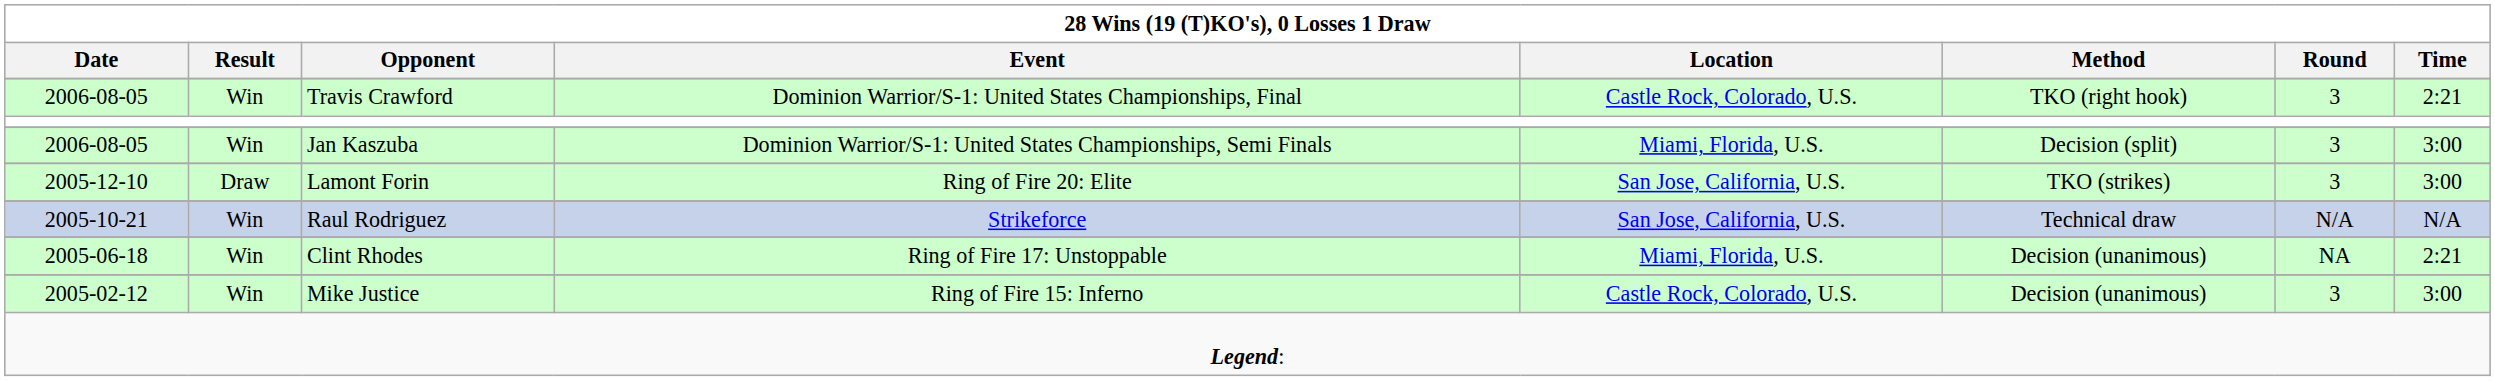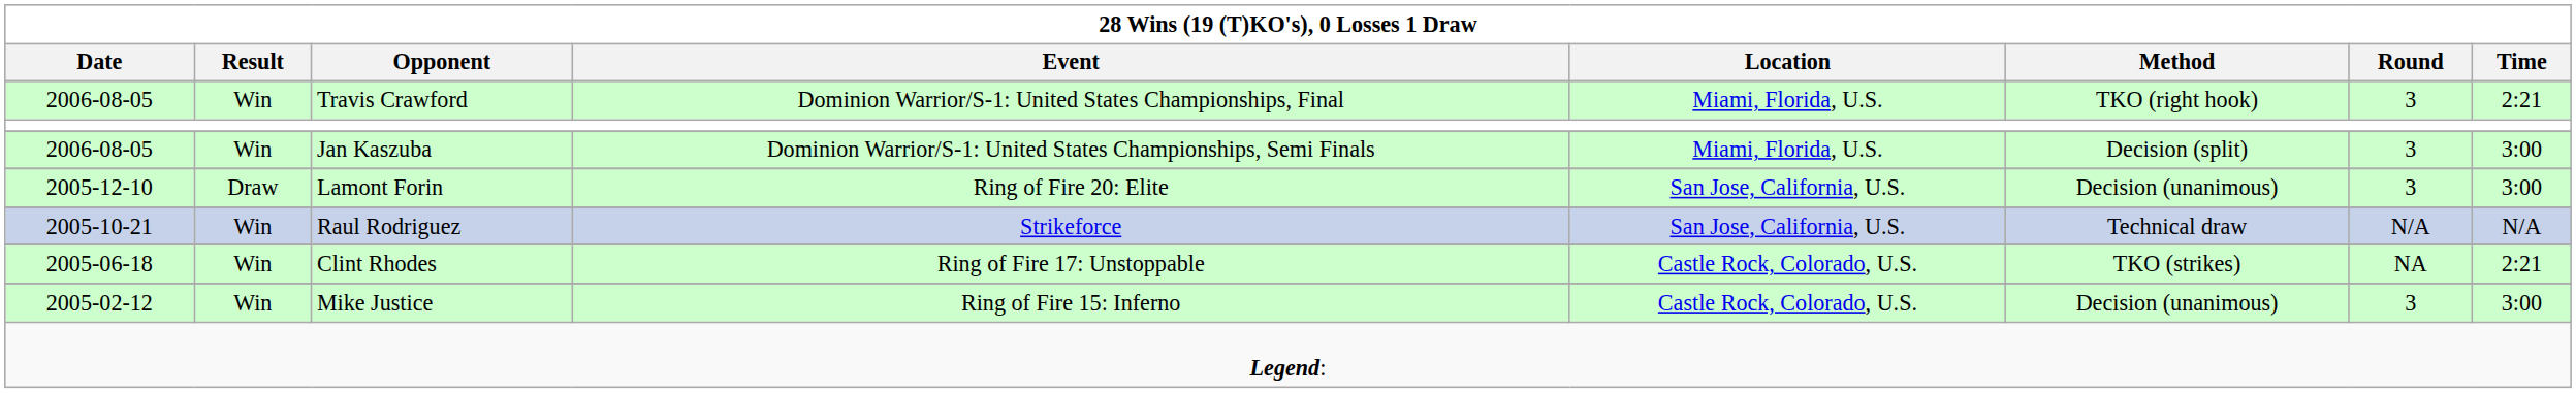 <table class="wikitable" style="text-align:center; font-size:88%; width:100%">
 <tr>
 <td colspan=9 style="background:white"><strong>28 Wins (19 (T)KO's), 0 Losses 1 Draw</strong></td>
 </tr>
 <tr>
 <th>Date</th>
 <th>Result</th>
 <th>Opponent</th>
 <th>Event</th>
 <th>Location</th>
 <th>Method</th>
 <th>Round</th>
 <th>Time</th>
 </tr>
 <tr>
 </tr>
 <tr align="center" bgcolor="#CCFFCC">
 <td>2006-08-05</td>
 <td>Win</td>
 <td align=left> Travis Crawford</td>
 <td>Dominion Warrior/S-1: United States Championships, Final</td>
-<td><a href='#'>Castle Rock, Colorado</a>, U.S.</td>
+<td><a href='#'>Miami, Florida</a>, U.S.</td>
 <td>TKO (right hook)</td>
 <td>3</td>
 <td>2:21</td>
 </tr>
 <tr>
 <th style=background:white colspan=9></th>
 </tr>
 <tr>
 </tr>
 <tr align="center" bgcolor="#CCFFCC">
 <td>2006-08-05</td>
 <td>Win</td>
 <td align=left> Jan Kaszuba</td>
 <td>Dominion Warrior/S-1: United States Championships, Semi Finals</td>
 <td><a href='#'>Miami, Florida</a>, U.S.</td>
 <td>Decision (split)</td>
 <td>3</td>
 <td>3:00</td>
 </tr>
 <tr>
 </tr>
 <tr align="center" bgcolor="#CCFFCC">
 <td>2005-12-10</td>
 <td>Draw</td>
 <td align=left> Lamont Forin</td>
 <td>Ring of Fire 20: Elite</td>
 <td><a href='#'>San Jose, California</a>, U.S.</td>
-<td>TKO (strikes)</td>
+<td>Decision (unanimous)</td>
 <td>3</td>
 <td>3:00</td>
 </tr>
 <tr>
 </tr>
 <tr align="center" bgcolor="#c5d2ea">
 <td>2005-10-21</td>
 <td>Win</td>
 <td align=left> Raul Rodriguez</td>
 <td><a href='#'>Strikeforce</a></td>
 <td><a href='#'>San Jose, California</a>, U.S.</td>
 <td>Technical draw</td>
 <td>N/A</td>
 <td>N/A</td>
 </tr>
 <tr>
 </tr>
 <tr align="center" bgcolor="#CCFFCC">
 <td>2005-06-18</td>
 <td>Win</td>
 <td align=left> Clint Rhodes</td>
 <td>Ring of Fire 17: Unstoppable</td>
-<td><a href='#'>Miami, Florida</a>, U.S.</td>
-<td>Decision (unanimous)</td>
+<td><a href='#'>Castle Rock, Colorado</a>, U.S.</td>
+<td>TKO (strikes)</td>
 <td>NA</td>
 <td>2:21</td>
 </tr>
 <tr>
 </tr>
 <tr align="center" bgcolor="#CCFFCC">
 <td>2005-02-12</td>
 <td>Win</td>
 <td align=left> Mike Justice</td>
 <td>Ring of Fire 15: Inferno</td>
 <td><a href='#'>Castle Rock, Colorado</a>, U.S.</td>
 <td>Decision (unanimous)</td>
 <td>3</td>
 <td>3:00</td>
 </tr>
 <tr>
 <td colspan=9><br><strong><em>Legend</em></strong>:    </td>
 </tr>
 </table>
